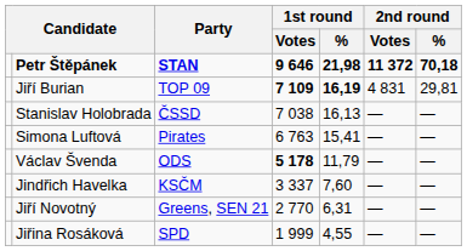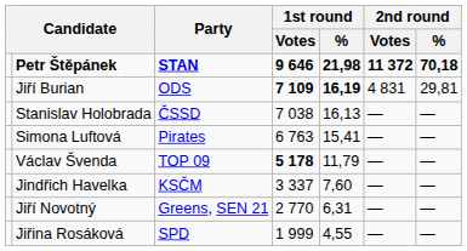 <table class="wikitable sortable">
 <tr>
 <th colspan="2" rowspan="2">Candidate</th>
 <th rowspan="2">Party</th>
 <th colspan="2">1st round</th>
 <th colspan="2">2nd round</th>
 </tr>
 <tr>
 <th>Votes</th>
 <th>%</th>
 <th>Votes</th>
 <th>%</th>
 </tr>
 <tr>
 <td style="background-color:"></td>
 <td><strong>Petr Štěpánek</strong></td>
 <td><strong><a href='#'>STAN</a></strong></td>
 <td><strong>9 646</strong></td>
 <td><strong>21,98</strong></td>
 <td><strong>11 372</strong></td>
 <td><strong>70,18</strong></td>
 </tr>
 <tr>
 <td style="background-color:"></td>
 <td>Jiří Burian</td>
-<td><a href='#'>TOP 09</a></td>
+<td><a href='#'>ODS</a></td>
 <td><strong>7 109</strong></td>
 <td><strong>16,19</strong></td>
 <td>4 831</td>
 <td>29,81</td>
 </tr>
 <tr>
 <td style="background-color:"></td>
 <td>Stanislav Holobrada</td>
 <td><a href='#'>ČSSD</a></td>
 <td>7 038</td>
 <td>16,13</td>
 <td>—</td>
 <td>—</td>
 </tr>
 <tr>
 <td style="background-color:"></td>
 <td>Simona Luftová</td>
 <td><a href='#'>Pirates</a></td>
 <td>6 763</td>
 <td>15,41</td>
 <td>—</td>
 <td>—</td>
 </tr>
 <tr>
 <td style="background-color:"></td>
 <td>Václav Švenda</td>
-<td><a href='#'>ODS</a></td>
+<td><a href='#'>TOP 09</a></td>
 <td><strong>5 178</strong></td>
 <td>11,79</td>
 <td>—</td>
 <td>—</td>
 </tr>
 <tr>
 <td style="background-color:"></td>
 <td>Jindřich Havelka</td>
 <td><a href='#'>KSČM</a></td>
 <td>3 337</td>
 <td>7,60</td>
 <td>—</td>
 <td>—</td>
 </tr>
 <tr>
 <td style="background-color:"></td>
 <td>Jiří Novotný</td>
 <td><a href='#'>Greens</a>, <a href='#'>SEN 21</a></td>
 <td>2 770</td>
 <td>6,31</td>
 <td>—</td>
 <td>—</td>
 </tr>
 <tr>
 <td style="background-color:"></td>
 <td>Jiřina Rosáková</td>
 <td><a href='#'>SPD</a></td>
 <td>1 999</td>
 <td>4,55</td>
 <td>—</td>
 <td>—</td>
 </tr>
 </table>
